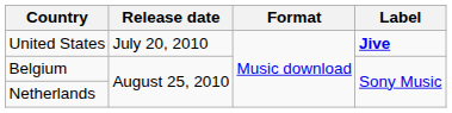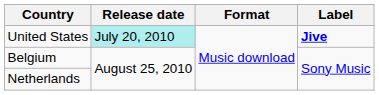 <table class="wikitable">
 <tr>
 <th>Country</th>
 <th>Release date</th>
 <th>Format</th>
 <th>Label</th>
 </tr>
 <tr>
 <td>United States</td>
-<td>July 20, 2010</td>
+<td style="background: paleturquoise;">July 20, 2010</td>
 <td rowspan="3"><a href='#'>Music download</a></td>
 <td><strong><a href='#'>Jive</a></strong></td>
 </tr>
 <tr>
 <td>Belgium</td>
 <td rowspan="2">August 25, 2010</td>
 <td rowspan="2"><a href='#'>Sony Music</a></td>
 </tr>
 <tr>
 <td>Netherlands</td>
 </tr>
 </table>
